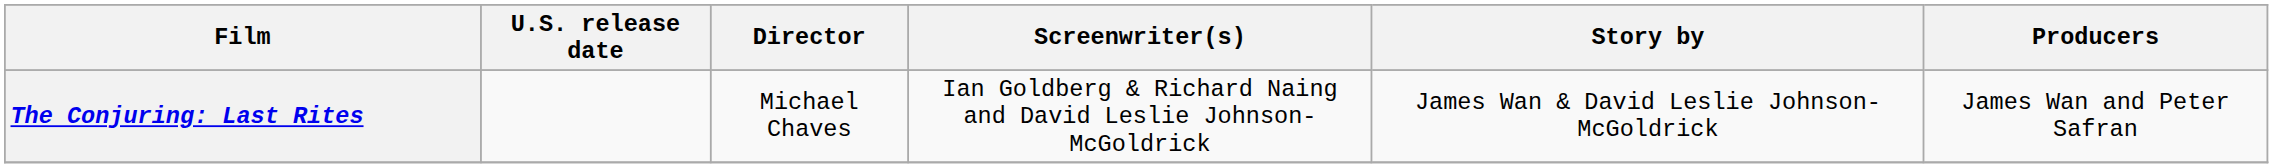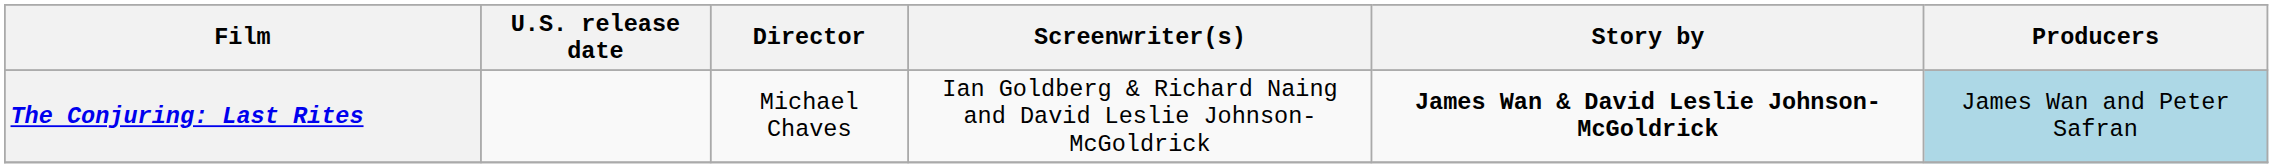 <table class="wikitable plainrowheaders" style="text-align:center;">
 <tr>
 <th style="width:21%;">Film</th>
 <th>U.S. release date</th>
 <th>Director</th>
 <th>Screenwriter(s)</th>
 <th>Story by</th>
 <th>Producers</th>
 </tr>
 <tr>
 <th scope="row" style="text-align:left"><em><a href='#'>The Conjuring: Last Rites</a></em></th>
 <td style="text-align:left"></td>
 <td>Michael Chaves</td>
 <td>Ian Goldberg & Richard Naing <br>and David Leslie Johnson-McGoldrick</td>
-<td>James Wan & David Leslie Johnson-McGoldrick</td>
-<td>James Wan and Peter Safran</td>
+<td><strong>James Wan & David Leslie Johnson-McGoldrick</strong></td>
+<td style="background: lightblue;">James Wan and Peter Safran</td>
 </tr>
 <tr>
 </tr>
 </table>
